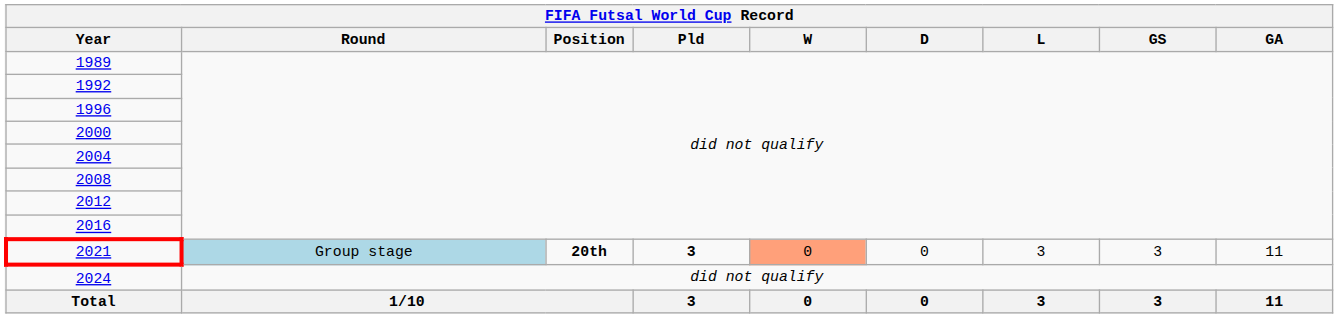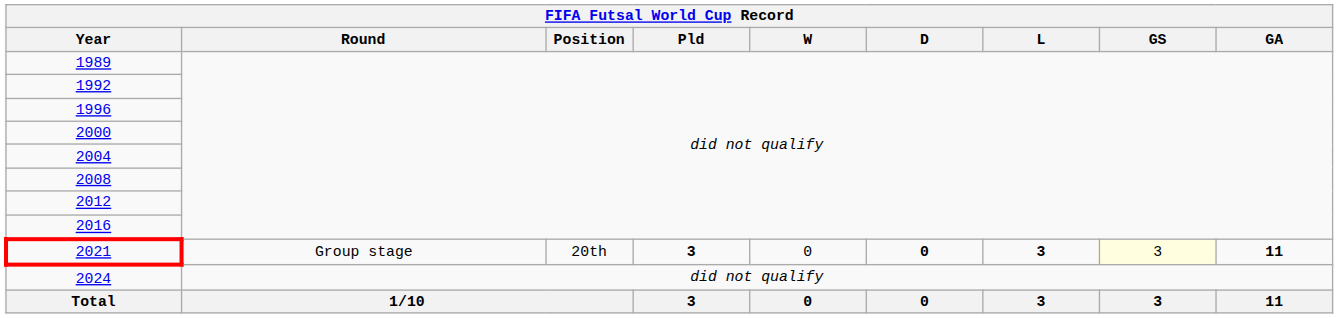 <table class="wikitable" width=50% style="text-align: center;font-size:85%;">
 <tr>
 <th colspan=9><a href='#'>FIFA Futsal World Cup</a> Record</th>
 </tr>
 <tr>
 <th width=12%>Year</th>
 <th width=25%>Round</th>
 <th width=6%>Position</th>
 <th width=8%>Pld</th>
 <th width=8%>W</th>
 <th width=8%>D</th>
 <th width=8%>L</th>
 <th width=8%>GS</th>
 <th width=8%>GA</th>
 </tr>
 <tr>
 <td> <a href='#'>1989</a></td>
 <td rowspan=8 colspan=8><em>did not qualify</em></td>
 </tr>
 <tr>
 <td> <a href='#'>1992</a></td>
 </tr>
 <tr>
 <td> <a href='#'>1996</a></td>
 </tr>
 <tr>
 <td> <a href='#'>2000</a></td>
 </tr>
 <tr>
 <td> <a href='#'>2004</a></td>
 </tr>
 <tr>
 <td> <a href='#'>2008</a></td>
 </tr>
 <tr>
 <td> <a href='#'>2012</a></td>
 </tr>
 <tr>
 <td> <a href='#'>2016</a></td>
 </tr>
 <tr>
 <td style="border: 3px solid red"> <a href='#'>2021</a></td>
-<td style="background: lightblue;">Group stage</td>
-<td><strong>20th</strong></td>
+<td>Group stage</td>
+<td>20th</td>
 <td><strong>3</strong></td>
-<td style="background: lightsalmon;">0</td>
 <td>0</td>
-<td>3</td>
-<td>3</td>
-<td>11</td>
+<td><strong>0</strong></td>
+<td><strong>3</strong></td>
+<td style="background: lightyellow;">3</td>
+<td><strong>11</strong></td>
 </tr>
 <tr>
 <td> <a href='#'>2024</a></td>
 <td colspan=8><em>did not qualify</em></td>
 </tr>
 <tr>
 <th><strong>Total</strong></th>
 <th colspan=2>1/10</th>
 <th>3</th>
 <th>0</th>
 <th>0</th>
 <th>3</th>
 <th>3</th>
 <th>11</th>
 </tr>
 </table>
